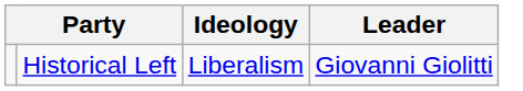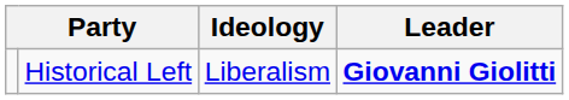 <table class=wikitable style="font-size:100%">
 <tr>
 <th colspan=2>Party</th>
 <th>Ideology</th>
 <th>Leader</th>
 </tr>
 <tr>
 <td style="color:inherit;background:"></td>
 <td><a href='#'>Historical Left</a></td>
 <td><a href='#'>Liberalism</a></td>
-<td><a href='#'>Giovanni Giolitti</a></td>
+<td><strong><a href='#'>Giovanni Giolitti</a></strong></td>
 </tr>
 </table>
